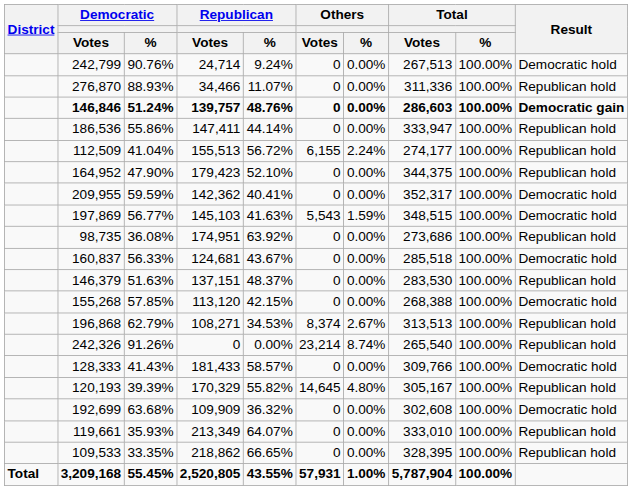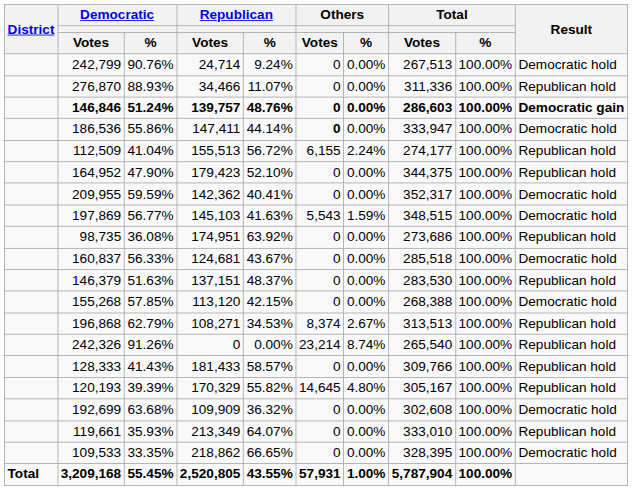 <table class="wikitable plainrowheaders sortable" style="text-align:right">
 <tr>
 <th scope=col rowspan=3><a href='#'>District</a></th>
 <th scope=col colspan=2><a href='#'>Democratic</a></th>
 <th scope=col colspan=2><a href='#'>Republican</a></th>
 <th scope=col colspan=2>Others</th>
 <th scope=col colspan=2>Total</th>
 <th scope=col rowspan=3>Result</th>
 </tr>
 <tr>
 <th scope=col colspan=2 style="background:"></th>
 <th scope=col colspan=2 style="background:"></th>
 <th scope=col colspan=2></th>
 <th scope=col colspan=2></th>
 </tr>
 <tr>
 <th scope=col data-sort-type="number">Votes</th>
 <th scope=col data-sort-type="number">%</th>
 <th scope=col data-sort-type="number">Votes</th>
 <th scope=col data-sort-type="number">%</th>
 <th scope=col data-sort-type="number">Votes</th>
 <th scope=col data-sort-type="number">%</th>
 <th scope=col data-sort-type="number">Votes</th>
 <th scope=col data-sort-type="number">%</th>
 </tr>
 <tr>
 <td align=left></td>
 <td>242,799</td>
 <td>90.76%</td>
 <td>24,714</td>
 <td>9.24%</td>
 <td>0</td>
 <td>0.00%</td>
 <td>267,513</td>
 <td>100.00%</td>
 <td align=left>Democratic hold</td>
 </tr>
 <tr>
 <td align=left></td>
 <td>276,870</td>
 <td>88.93%</td>
 <td>34,466</td>
 <td>11.07%</td>
 <td>0</td>
 <td>0.00%</td>
 <td>311,336</td>
 <td>100.00%</td>
 <td align=left>Republican hold</td>
 </tr>
 <tr>
 <td align=left><strong></strong></td>
 <td><strong>146,846</strong></td>
 <td><strong>51.24%</strong></td>
 <td><strong>139,757</strong></td>
 <td><strong>48.76%</strong></td>
 <td><strong>0</strong></td>
 <td><strong>0.00%</strong></td>
 <td><strong>286,603</strong></td>
 <td><strong>100.00%</strong></td>
 <td align=left><strong>Democratic gain</strong></td>
 </tr>
 <tr>
 <td align=left></td>
 <td>186,536</td>
 <td>55.86%</td>
 <td>147,411</td>
 <td>44.14%</td>
-<td>0</td>
+<td><strong>0</strong></td>
 <td>0.00%</td>
 <td>333,947</td>
 <td>100.00%</td>
-<td align=left>Republican hold</td>
+<td align=left>Democratic hold</td>
 </tr>
 <tr>
 <td align=left></td>
 <td>112,509</td>
 <td>41.04%</td>
 <td>155,513</td>
 <td>56.72%</td>
 <td>6,155</td>
 <td>2.24%</td>
 <td>274,177</td>
 <td>100.00%</td>
 <td align=left>Republican hold</td>
 </tr>
 <tr>
 <td align=left></td>
 <td>164,952</td>
 <td>47.90%</td>
 <td>179,423</td>
 <td>52.10%</td>
 <td>0</td>
 <td>0.00%</td>
 <td>344,375</td>
 <td>100.00%</td>
 <td align=left>Republican hold</td>
 </tr>
 <tr>
 <td align=left></td>
 <td>209,955</td>
 <td>59.59%</td>
 <td>142,362</td>
 <td>40.41%</td>
 <td>0</td>
 <td>0.00%</td>
 <td>352,317</td>
 <td>100.00%</td>
 <td align=left>Democratic hold</td>
 </tr>
 <tr>
 <td align=left></td>
 <td>197,869</td>
 <td>56.77%</td>
 <td>145,103</td>
 <td>41.63%</td>
 <td>5,543</td>
 <td>1.59%</td>
 <td>348,515</td>
 <td>100.00%</td>
 <td align=left>Democratic hold</td>
 </tr>
 <tr>
 <td align=left></td>
 <td>98,735</td>
 <td>36.08%</td>
 <td>174,951</td>
 <td>63.92%</td>
 <td>0</td>
 <td>0.00%</td>
 <td>273,686</td>
 <td>100.00%</td>
 <td align=left>Republican hold</td>
 </tr>
 <tr>
 <td align=left></td>
 <td>160,837</td>
 <td>56.33%</td>
 <td>124,681</td>
 <td>43.67%</td>
 <td>0</td>
 <td>0.00%</td>
 <td>285,518</td>
 <td>100.00%</td>
 <td align=left>Democratic hold</td>
 </tr>
 <tr>
 <td align=left></td>
 <td>146,379</td>
 <td>51.63%</td>
 <td>137,151</td>
 <td>48.37%</td>
 <td>0</td>
 <td>0.00%</td>
 <td>283,530</td>
 <td>100.00%</td>
 <td align=left>Republican hold</td>
 </tr>
 <tr>
 <td align=left></td>
 <td>155,268</td>
 <td>57.85%</td>
 <td>113,120</td>
 <td>42.15%</td>
 <td>0</td>
 <td>0.00%</td>
 <td>268,388</td>
 <td>100.00%</td>
 <td align=left>Democratic hold</td>
 </tr>
 <tr>
 <td align=left></td>
 <td>196,868</td>
 <td>62.79%</td>
 <td>108,271</td>
 <td>34.53%</td>
 <td>8,374</td>
 <td>2.67%</td>
 <td>313,513</td>
 <td>100.00%</td>
 <td align=left>Republican hold</td>
 </tr>
 <tr>
 <td align=left></td>
 <td>242,326</td>
 <td>91.26%</td>
 <td>0</td>
 <td>0.00%</td>
 <td>23,214</td>
 <td>8.74%</td>
 <td>265,540</td>
 <td>100.00%</td>
 <td align=left>Republican hold</td>
 </tr>
 <tr>
 <td align=left></td>
 <td>128,333</td>
 <td>41.43%</td>
 <td>181,433</td>
 <td>58.57%</td>
 <td>0</td>
 <td>0.00%</td>
 <td>309,766</td>
 <td>100.00%</td>
-<td align=left>Democratic hold</td>
+<td align=left>Republican hold</td>
 </tr>
 <tr>
 <td align=left></td>
 <td>120,193</td>
 <td>39.39%</td>
 <td>170,329</td>
 <td>55.82%</td>
 <td>14,645</td>
 <td>4.80%</td>
 <td>305,167</td>
 <td>100.00%</td>
 <td align=left>Republican hold</td>
 </tr>
 <tr>
 <td align=left></td>
 <td>192,699</td>
 <td>63.68%</td>
 <td>109,909</td>
 <td>36.32%</td>
 <td>0</td>
 <td>0.00%</td>
 <td>302,608</td>
 <td>100.00%</td>
 <td align=left>Democratic hold</td>
 </tr>
 <tr>
 <td align=left></td>
 <td>119,661</td>
 <td>35.93%</td>
 <td>213,349</td>
 <td>64.07%</td>
 <td>0</td>
 <td>0.00%</td>
 <td>333,010</td>
 <td>100.00%</td>
 <td align=left>Republican hold</td>
 </tr>
 <tr>
 <td align=left></td>
 <td>109,533</td>
 <td>33.35%</td>
 <td>218,862</td>
 <td>66.65%</td>
 <td>0</td>
 <td>0.00%</td>
 <td>328,395</td>
 <td>100.00%</td>
-<td align=left>Republican hold</td>
+<td align=left>Democratic hold</td>
 </tr>
 <tr class="sortbottom" style="font-weight:bold">
 <td align=left>Total</td>
 <td>3,209,168</td>
 <td>55.45%</td>
 <td>2,520,805</td>
 <td>43.55%</td>
 <td>57,931</td>
 <td>1.00%</td>
 <td>5,787,904</td>
 <td>100.00%</td>
 <td></td>
 </tr>
 </table>
